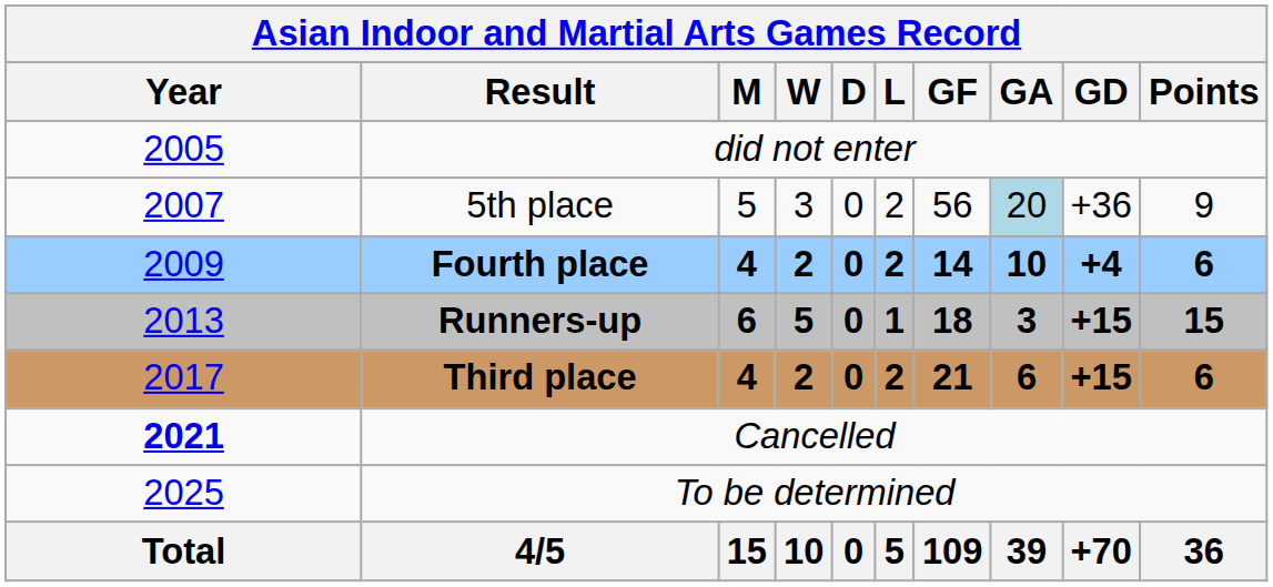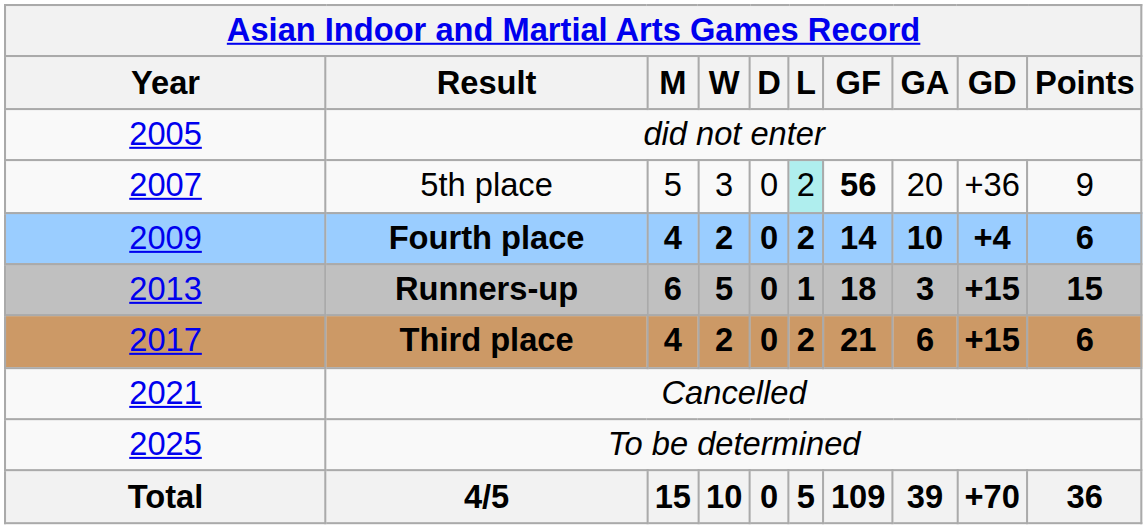 <table class="wikitable" style="text-align: center;font-size:100%;">
 <tr>
 <th colspan=10><a href='#'>Asian Indoor and Martial Arts Games Record</a></th>
 </tr>
 <tr>
 <th width=150>Year</th>
 <th width=150>Result</th>
 <th>M</th>
 <th>W</th>
 <th>D</th>
 <th>L</th>
 <th>GF</th>
 <th>GA</th>
 <th>GD</th>
 <th>Points</th>
 </tr>
 <tr>
 <td> <a href='#'>2005</a></td>
 <td colspan=9><em>did not enter</em></td>
 </tr>
 <tr>
 <td> <a href='#'>2007</a></td>
 <td>5th place</td>
 <td>5</td>
 <td>3</td>
 <td>0</td>
-<td>2</td>
-<td>56</td>
-<td style="background: lightblue;">20</td>
+<td style="background: paleturquoise;">2</td>
+<td><strong>56</strong></td>
+<td>20</td>
 <td>+36</td>
 <td>9</td>
 </tr>
 <tr bgcolor=#9acdff>
 <td> <a href='#'>2009</a></td>
 <td><strong>Fourth place</strong></td>
 <td><strong>4</strong></td>
 <td><strong>2</strong></td>
 <td><strong>0</strong></td>
 <td><strong>2</strong></td>
 <td><strong>14</strong></td>
 <td><strong>10</strong></td>
 <td><strong>+4</strong></td>
 <td><strong>6</strong></td>
 </tr>
 <tr bgcolor=silver>
 <td> <a href='#'>2013</a></td>
 <td><strong>Runners-up</strong></td>
 <td><strong>6</strong></td>
 <td><strong>5</strong></td>
 <td><strong>0</strong></td>
 <td><strong>1</strong></td>
 <td><strong>18</strong></td>
 <td><strong>3</strong></td>
 <td><strong>+15</strong></td>
 <td><strong>15</strong></td>
 </tr>
 <tr bgcolor="#cc9966">
 <td> <a href='#'>2017</a></td>
 <td><strong>Third place</strong></td>
 <td><strong>4</strong></td>
 <td><strong>2</strong></td>
 <td><strong>0</strong></td>
 <td><strong>2</strong></td>
 <td><strong>21</strong></td>
 <td><strong>6</strong></td>
 <td><strong>+15</strong></td>
 <td><strong>6</strong></td>
 </tr>
 <tr>
-<td><strong> <a href='#'>2021</a></strong></td>
+<td> <a href='#'>2021</a></td>
 <td colspan=10><em>Cancelled</em></td>
 </tr>
 <tr>
 <td> <a href='#'>2025</a></td>
 <td colspan=10><em>To be determined</em></td>
 </tr>
 <tr>
 <th><strong>Total</strong></th>
 <th>4/5</th>
 <th>15</th>
 <th>10</th>
 <th>0</th>
 <th>5</th>
 <th>109</th>
 <th>39</th>
 <th>+70</th>
 <th>36</th>
 </tr>
 </table>
